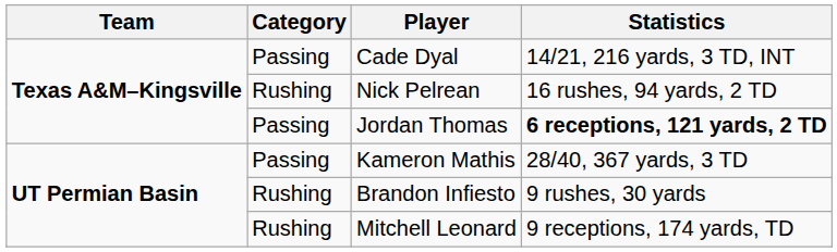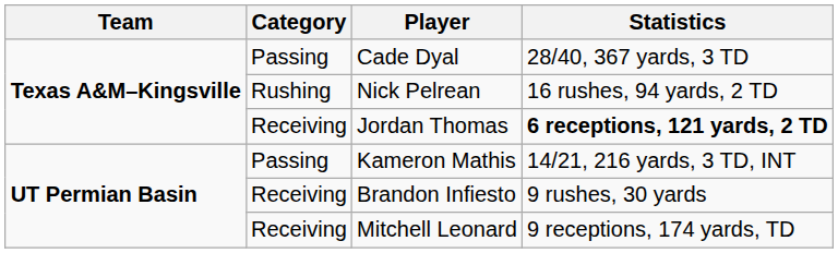 <table class="wikitable" style="float: right;">
 <tr>
 <th>Team</th>
 <th>Category</th>
 <th>Player</th>
 <th>Statistics</th>
 </tr>
 <tr>
 <td rowspan=3><strong>Texas A&M–Kingsville</strong></td>
 <td>Passing</td>
 <td>Cade Dyal</td>
-<td>14/21, 216 yards, 3 TD, INT</td>
+<td>28/40, 367 yards, 3 TD</td>
 </tr>
 <tr>
 <td>Rushing</td>
 <td>Nick Pelrean</td>
 <td>16 rushes, 94 yards, 2 TD</td>
 </tr>
 <tr>
-<td>Passing</td>
+<td>Receiving</td>
 <td>Jordan Thomas</td>
 <td><strong>6 receptions, 121 yards, 2 TD</strong></td>
 </tr>
 <tr>
 <td rowspan=3><strong>UT Permian Basin</strong></td>
 <td>Passing</td>
 <td>Kameron Mathis</td>
-<td>28/40, 367 yards, 3 TD</td>
+<td>14/21, 216 yards, 3 TD, INT</td>
 </tr>
 <tr>
-<td>Rushing</td>
+<td>Receiving</td>
 <td>Brandon Infiesto</td>
 <td>9 rushes, 30 yards</td>
 </tr>
 <tr>
-<td>Rushing</td>
+<td>Receiving</td>
 <td>Mitchell Leonard</td>
 <td>9 receptions, 174 yards, TD</td>
 </tr>
 </table>
